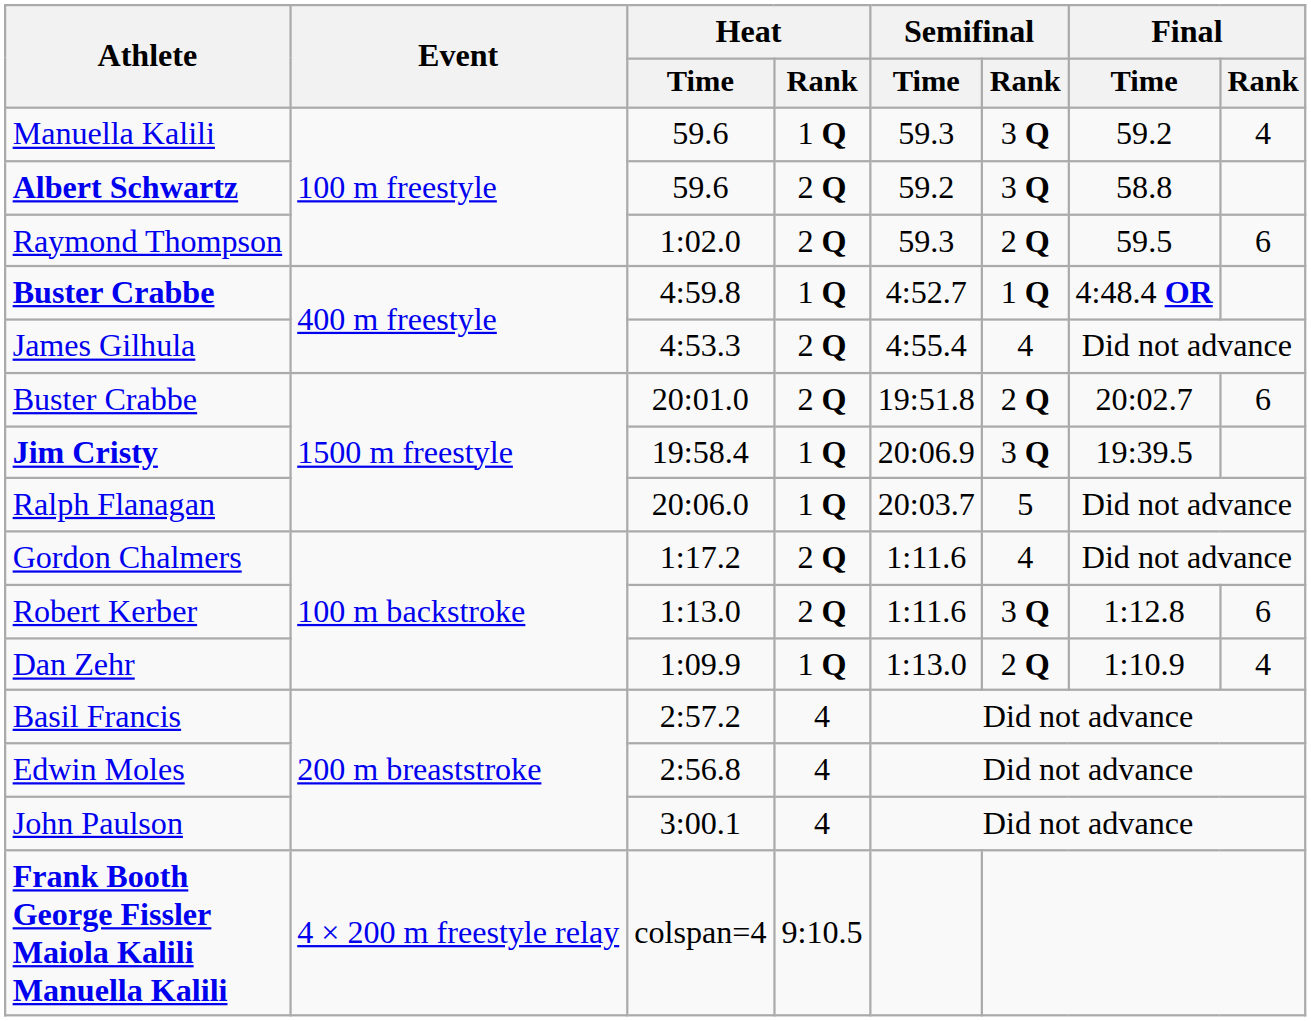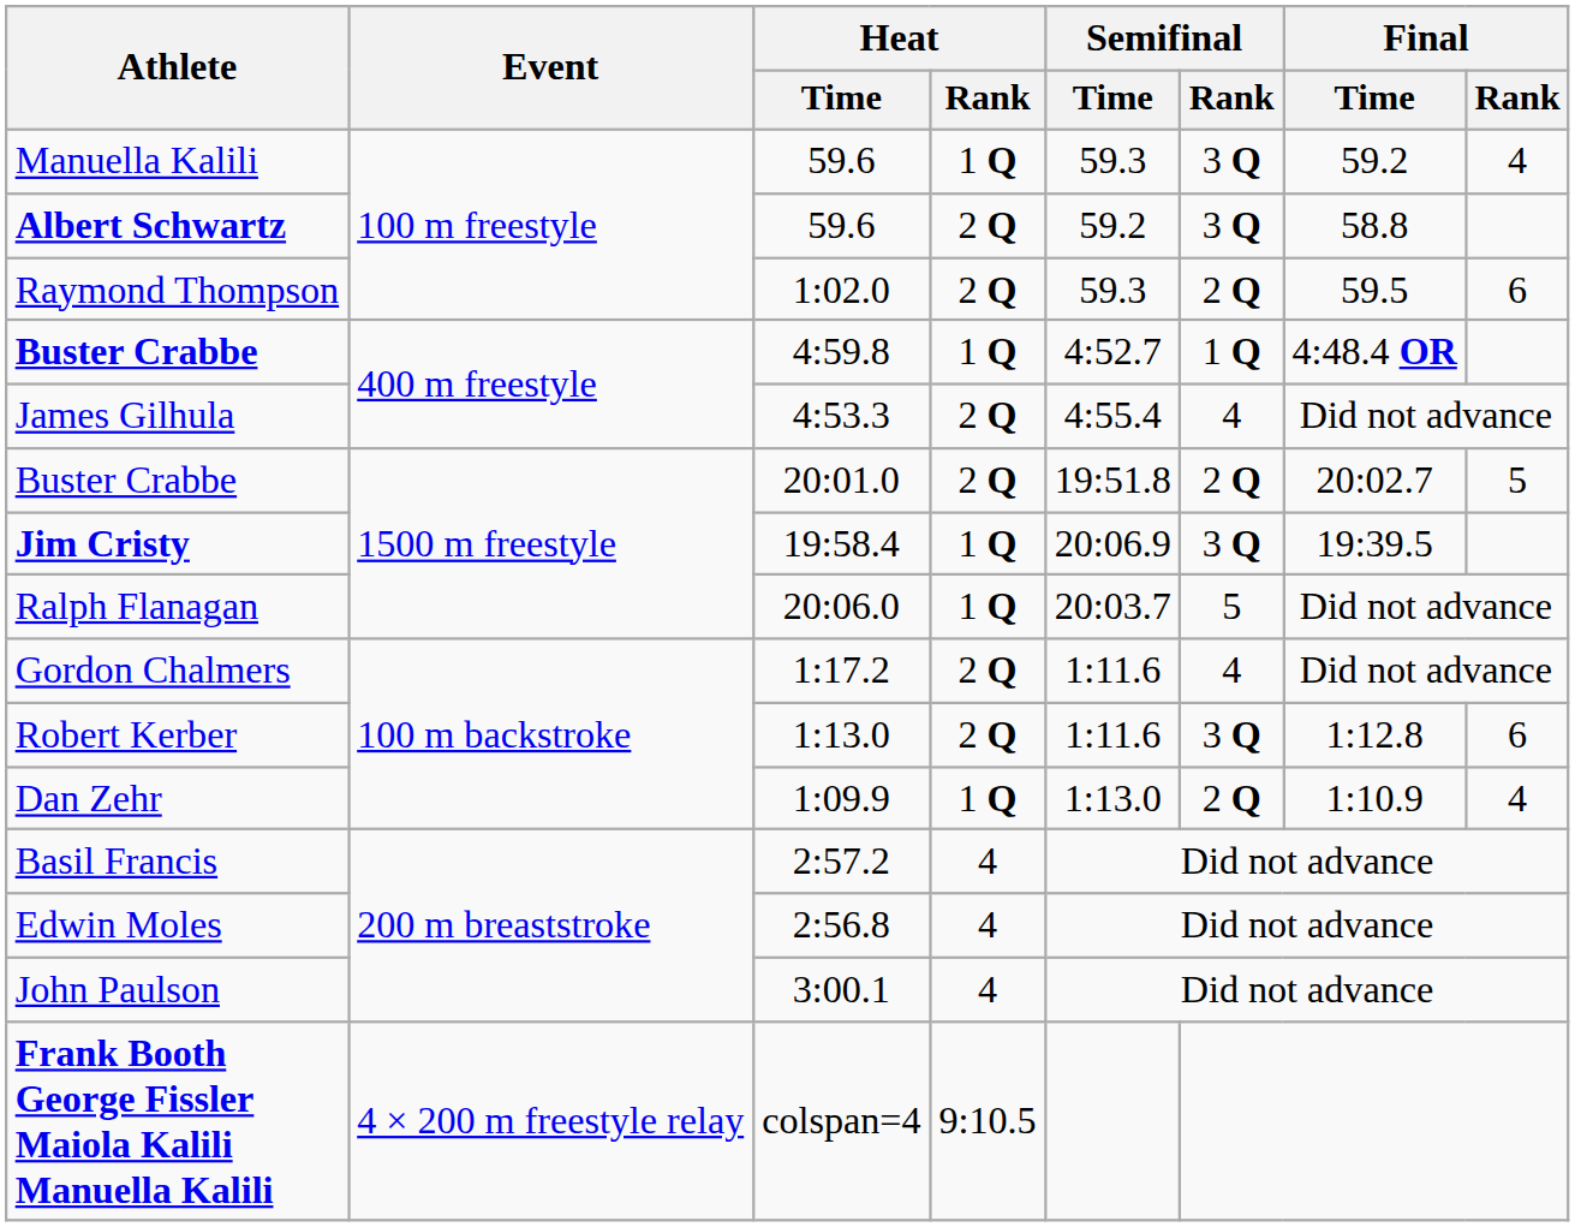 <table class=wikitable style="font-size:90%">
 <tr>
 <th rowspan=2>Athlete</th>
 <th rowspan=2>Event</th>
 <th colspan=2>Heat</th>
 <th colspan=2>Semifinal</th>
 <th colspan=2>Final</th>
 </tr>
 <tr style="font-size:95%">
 <th>Time</th>
 <th>Rank</th>
 <th>Time</th>
 <th>Rank</th>
 <th>Time</th>
 <th>Rank</th>
 </tr>
 <tr align=center>
 <td align=left><a href='#'>Manuella Kalili</a></td>
 <td align=left rowspan=3><a href='#'>100 m freestyle</a></td>
 <td>59.6</td>
 <td>1 <strong>Q</strong></td>
 <td>59.3</td>
 <td>3 <strong>Q</strong></td>
 <td>59.2</td>
 <td>4</td>
 </tr>
 <tr align=center>
 <td align=left><strong><a href='#'>Albert Schwartz</a></strong></td>
 <td>59.6</td>
 <td>2 <strong>Q</strong></td>
 <td>59.2</td>
 <td>3 <strong>Q</strong></td>
 <td>58.8</td>
 <td></td>
 </tr>
 <tr align=center>
 <td align=left><a href='#'>Raymond Thompson</a></td>
 <td>1:02.0</td>
 <td>2 <strong>Q</strong></td>
 <td>59.3</td>
 <td>2 <strong>Q</strong></td>
 <td>59.5</td>
 <td>6</td>
 </tr>
 <tr align=center>
 <td align=left><strong><a href='#'>Buster Crabbe</a></strong></td>
 <td align=left rowspan=2><a href='#'>400 m freestyle</a></td>
 <td>4:59.8</td>
 <td>1 <strong>Q</strong></td>
 <td>4:52.7</td>
 <td>1 <strong>Q</strong></td>
 <td>4:48.4 <strong><a href='#'>OR</a></strong></td>
 <td></td>
 </tr>
 <tr align=center>
 <td align=left><a href='#'>James Gilhula</a></td>
 <td>4:53.3</td>
 <td>2 <strong>Q</strong></td>
 <td>4:55.4</td>
 <td>4</td>
 <td colspan=2>Did not advance</td>
 </tr>
 <tr align=center>
 <td align=left><a href='#'>Buster Crabbe</a></td>
 <td align=left rowspan=3><a href='#'>1500 m freestyle</a></td>
 <td>20:01.0</td>
 <td>2 <strong>Q</strong></td>
 <td>19:51.8</td>
 <td>2 <strong>Q</strong></td>
 <td>20:02.7</td>
-<td>6</td>
+<td>5</td>
 </tr>
 <tr align=center>
 <td align=left><strong><a href='#'>Jim Cristy</a></strong></td>
 <td>19:58.4</td>
 <td>1 <strong>Q</strong></td>
 <td>20:06.9</td>
 <td>3 <strong>Q</strong></td>
 <td>19:39.5</td>
 <td></td>
 </tr>
 <tr align=center>
 <td align=left><a href='#'>Ralph Flanagan</a></td>
 <td>20:06.0</td>
 <td>1 <strong>Q</strong></td>
 <td>20:03.7</td>
 <td>5</td>
 <td colspan=2>Did not advance</td>
 </tr>
 <tr align=center>
 <td align=left><a href='#'>Gordon Chalmers</a></td>
 <td align=left rowspan=3><a href='#'>100 m backstroke</a></td>
 <td>1:17.2</td>
 <td>2 <strong>Q</strong></td>
 <td>1:11.6</td>
 <td>4</td>
 <td colspan=2>Did not advance</td>
 </tr>
 <tr align=center>
 <td align=left><a href='#'>Robert Kerber</a></td>
 <td>1:13.0</td>
 <td>2 <strong>Q</strong></td>
 <td>1:11.6</td>
 <td>3 <strong>Q</strong></td>
 <td>1:12.8</td>
 <td>6</td>
 </tr>
 <tr align=center>
 <td align=left><a href='#'>Dan Zehr</a></td>
 <td>1:09.9</td>
 <td>1 <strong>Q</strong></td>
 <td>1:13.0</td>
 <td>2 <strong>Q</strong></td>
 <td>1:10.9</td>
 <td>4</td>
 </tr>
 <tr align=center>
 <td align=left><a href='#'>Basil Francis</a></td>
 <td align=left rowspan=3><a href='#'>200 m breaststroke</a></td>
 <td>2:57.2</td>
 <td>4</td>
 <td colspan=4>Did not advance</td>
 </tr>
 <tr align=center>
 <td align=left><a href='#'>Edwin Moles</a></td>
 <td>2:56.8</td>
 <td>4</td>
 <td colspan=4>Did not advance</td>
 </tr>
 <tr align=center>
 <td align=left><a href='#'>John Paulson</a></td>
 <td>3:00.1</td>
 <td>4</td>
 <td colspan=4>Did not advance</td>
 </tr>
 <tr align=center>
 <td align=left><strong><a href='#'>Frank Booth</a><br><a href='#'>George Fissler</a><br><a href='#'>Maiola Kalili</a><br><a href='#'>Manuella Kalili</a></strong></td>
 <td align=left><a href='#'>4 × 200 m freestyle relay</a></td>
 <td>colspan=4 </td>
 <td>9:10.5</td>
 <td></td>
 </tr>
 </table>
